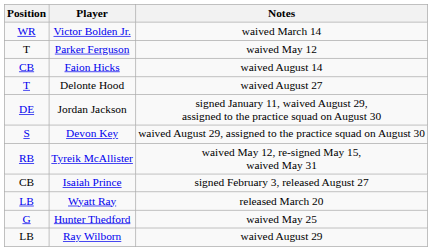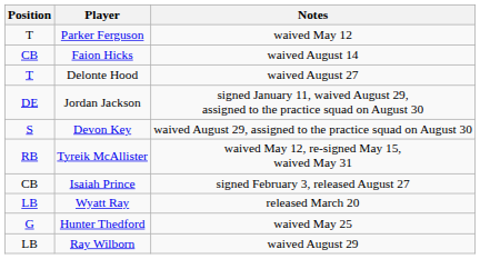 <table class="wikitable" style="text-align:center">
 <tr>
 <th>Position</th>
 <th>Player</th>
 <th>Notes</th>
-</tr>
-<tr>
-<td><a href='#'>WR</a></td>
-<td><a href='#'>Victor Bolden Jr.</a></td>
-<td>waived March 14</td>
 </tr>
 <tr>
 <td>T</td>
 <td><a href='#'>Parker Ferguson</a></td>
 <td>waived May 12</td>
 </tr>
 <tr>
 <td><a href='#'>CB</a></td>
 <td><a href='#'>Faion Hicks</a></td>
 <td>waived August 14</td>
 </tr>
 <tr>
 <td><a href='#'>T</a></td>
 <td>Delonte Hood</td>
 <td>waived August 27</td>
 </tr>
 <tr>
 <td><a href='#'>DE</a></td>
 <td>Jordan Jackson</td>
 <td>signed January 11, waived August 29,<br>assigned to the practice squad on August 30</td>
 </tr>
 <tr>
 <td><a href='#'>S</a></td>
 <td><a href='#'>Devon Key</a></td>
 <td>waived August 29, assigned to the practice squad on August 30</td>
 </tr>
 <tr>
 <td><a href='#'>RB</a></td>
 <td><a href='#'>Tyreik McAllister</a></td>
 <td>waived May 12, re-signed May 15,<br>waived May 31</td>
 </tr>
 <tr>
 <td>CB</td>
 <td><a href='#'>Isaiah Prince</a></td>
 <td>signed February 3, released August 27</td>
 </tr>
 <tr>
 <td><a href='#'>LB</a></td>
 <td><a href='#'>Wyatt Ray</a></td>
 <td>released March 20</td>
 </tr>
 <tr>
 <td><a href='#'>G</a></td>
 <td><a href='#'>Hunter Thedford</a></td>
 <td>waived May 25</td>
 </tr>
 <tr>
 <td>LB</td>
 <td><a href='#'>Ray Wilborn</a></td>
 <td>waived August 29</td>
 </tr>
 </table>
